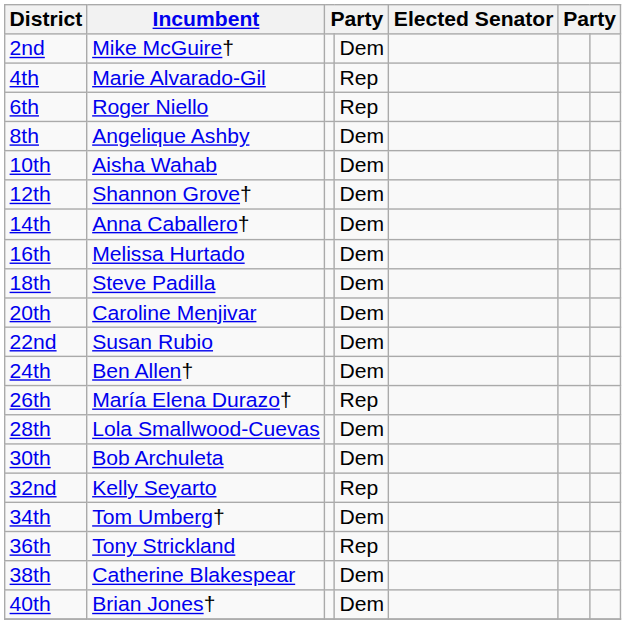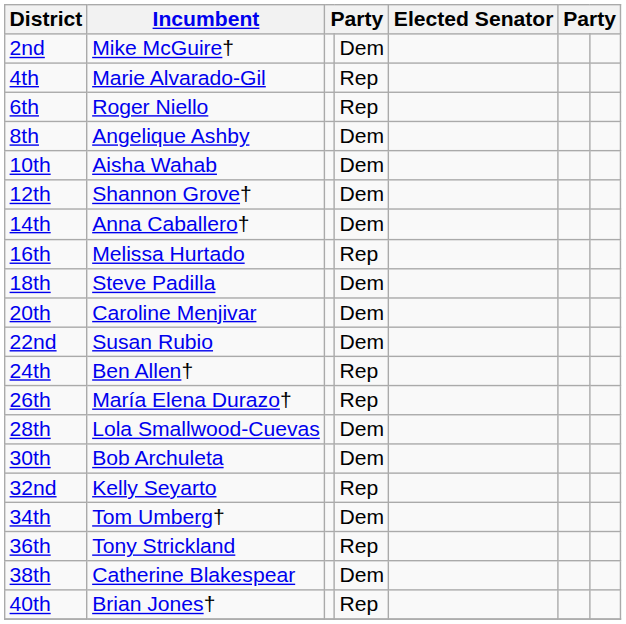 <table class="sortable wikitable" style="font-size:95%;line-height:14px;">
 <tr>
 <th>District</th>
 <th class="unsortable"><a href='#'>Incumbent</a></th>
 <th colspan="2">Party</th>
 <th class="unsortable">Elected Senator</th>
 <th colspan="2">Party</th>
 </tr>
 <tr>
 <td><a href='#'>2nd</a></td>
 <td><a href='#'>Mike McGuire</a>†</td>
 <td style="background:"></td>
 <td>Dem</td>
 <td></td>
 <td></td>
 <td></td>
 </tr>
 <tr>
 <td><a href='#'>4th</a></td>
 <td><a href='#'>Marie Alvarado-Gil</a></td>
 <td style="background:"></td>
 <td>Rep</td>
 <td></td>
 <td></td>
 <td></td>
 </tr>
 <tr>
 <td><a href='#'>6th</a></td>
 <td><a href='#'>Roger Niello</a></td>
 <td style="background:"></td>
 <td>Rep</td>
 <td></td>
 <td></td>
 <td></td>
 </tr>
 <tr>
 <td><a href='#'>8th</a></td>
 <td><a href='#'>Angelique Ashby</a></td>
 <td style="background:"></td>
 <td>Dem</td>
 <td></td>
 <td></td>
 <td></td>
 </tr>
 <tr>
 <td><a href='#'>10th</a></td>
 <td><a href='#'>Aisha Wahab</a></td>
 <td style="background:"></td>
 <td>Dem</td>
 <td></td>
 <td></td>
 <td></td>
 </tr>
 <tr>
 <td><a href='#'>12th</a></td>
 <td><a href='#'>Shannon Grove</a>†</td>
 <td style="background:"></td>
 <td>Dem</td>
 <td></td>
 <td></td>
 <td></td>
 </tr>
 <tr>
 <td><a href='#'>14th</a></td>
 <td><a href='#'>Anna Caballero</a>†</td>
 <td style="background:"></td>
 <td>Dem</td>
 <td></td>
 <td></td>
 <td></td>
 </tr>
 <tr>
 <td><a href='#'>16th</a></td>
 <td><a href='#'>Melissa Hurtado</a></td>
 <td style="background:"></td>
-<td>Dem</td>
+<td>Rep</td>
 <td></td>
 <td></td>
 <td></td>
 </tr>
 <tr>
 <td><a href='#'>18th</a></td>
 <td><a href='#'>Steve Padilla</a></td>
 <td style="background:"></td>
 <td>Dem</td>
 <td></td>
 <td></td>
 <td></td>
 </tr>
 <tr>
 <td><a href='#'>20th</a></td>
 <td><a href='#'>Caroline Menjivar</a></td>
 <td style="background:"></td>
 <td>Dem</td>
 <td></td>
 <td></td>
 <td></td>
 </tr>
 <tr>
 <td><a href='#'>22nd</a></td>
 <td><a href='#'>Susan Rubio</a></td>
 <td style="background:"></td>
 <td>Dem</td>
 <td></td>
 <td></td>
 <td></td>
 </tr>
 <tr>
 <td><a href='#'>24th</a></td>
 <td><a href='#'>Ben Allen</a>†</td>
 <td style="background:"></td>
-<td>Dem</td>
+<td>Rep</td>
 <td></td>
 <td></td>
 <td></td>
 </tr>
 <tr>
 <td><a href='#'>26th</a></td>
 <td><a href='#'>María Elena Durazo</a>†</td>
 <td style="background:"></td>
 <td>Rep</td>
 <td></td>
 <td></td>
 <td></td>
 </tr>
 <tr>
 <td><a href='#'>28th</a></td>
 <td><a href='#'>Lola Smallwood-Cuevas</a></td>
 <td style="background:"></td>
 <td>Dem</td>
 <td></td>
 <td></td>
 <td></td>
 </tr>
 <tr>
 <td><a href='#'>30th</a></td>
 <td><a href='#'>Bob Archuleta</a></td>
 <td style="background:"></td>
 <td>Dem</td>
 <td></td>
 <td></td>
 <td></td>
 </tr>
 <tr>
 <td><a href='#'>32nd</a></td>
 <td><a href='#'>Kelly Seyarto</a></td>
 <td style="background:"></td>
 <td>Rep</td>
 <td></td>
 <td></td>
 <td></td>
 </tr>
 <tr>
 <td><a href='#'>34th</a></td>
 <td><a href='#'>Tom Umberg</a>†</td>
 <td style="background:"></td>
 <td>Dem</td>
 <td></td>
 <td></td>
 <td></td>
 </tr>
 <tr>
 <td><a href='#'>36th</a></td>
 <td><a href='#'>Tony Strickland</a></td>
 <td style="background:"></td>
 <td>Rep</td>
 <td></td>
 <td></td>
 <td></td>
 </tr>
 <tr>
 <td><a href='#'>38th</a></td>
 <td><a href='#'>Catherine Blakespear</a></td>
 <td style="background:"></td>
 <td>Dem</td>
 <td></td>
 <td></td>
 <td></td>
 </tr>
 <tr>
 <td><a href='#'>40th</a></td>
 <td><a href='#'>Brian Jones</a>†</td>
 <td style="background:"></td>
-<td>Dem</td>
+<td>Rep</td>
 <td></td>
 <td></td>
 <td></td>
 </tr>
 <tr>
 </tr>
 </table>
